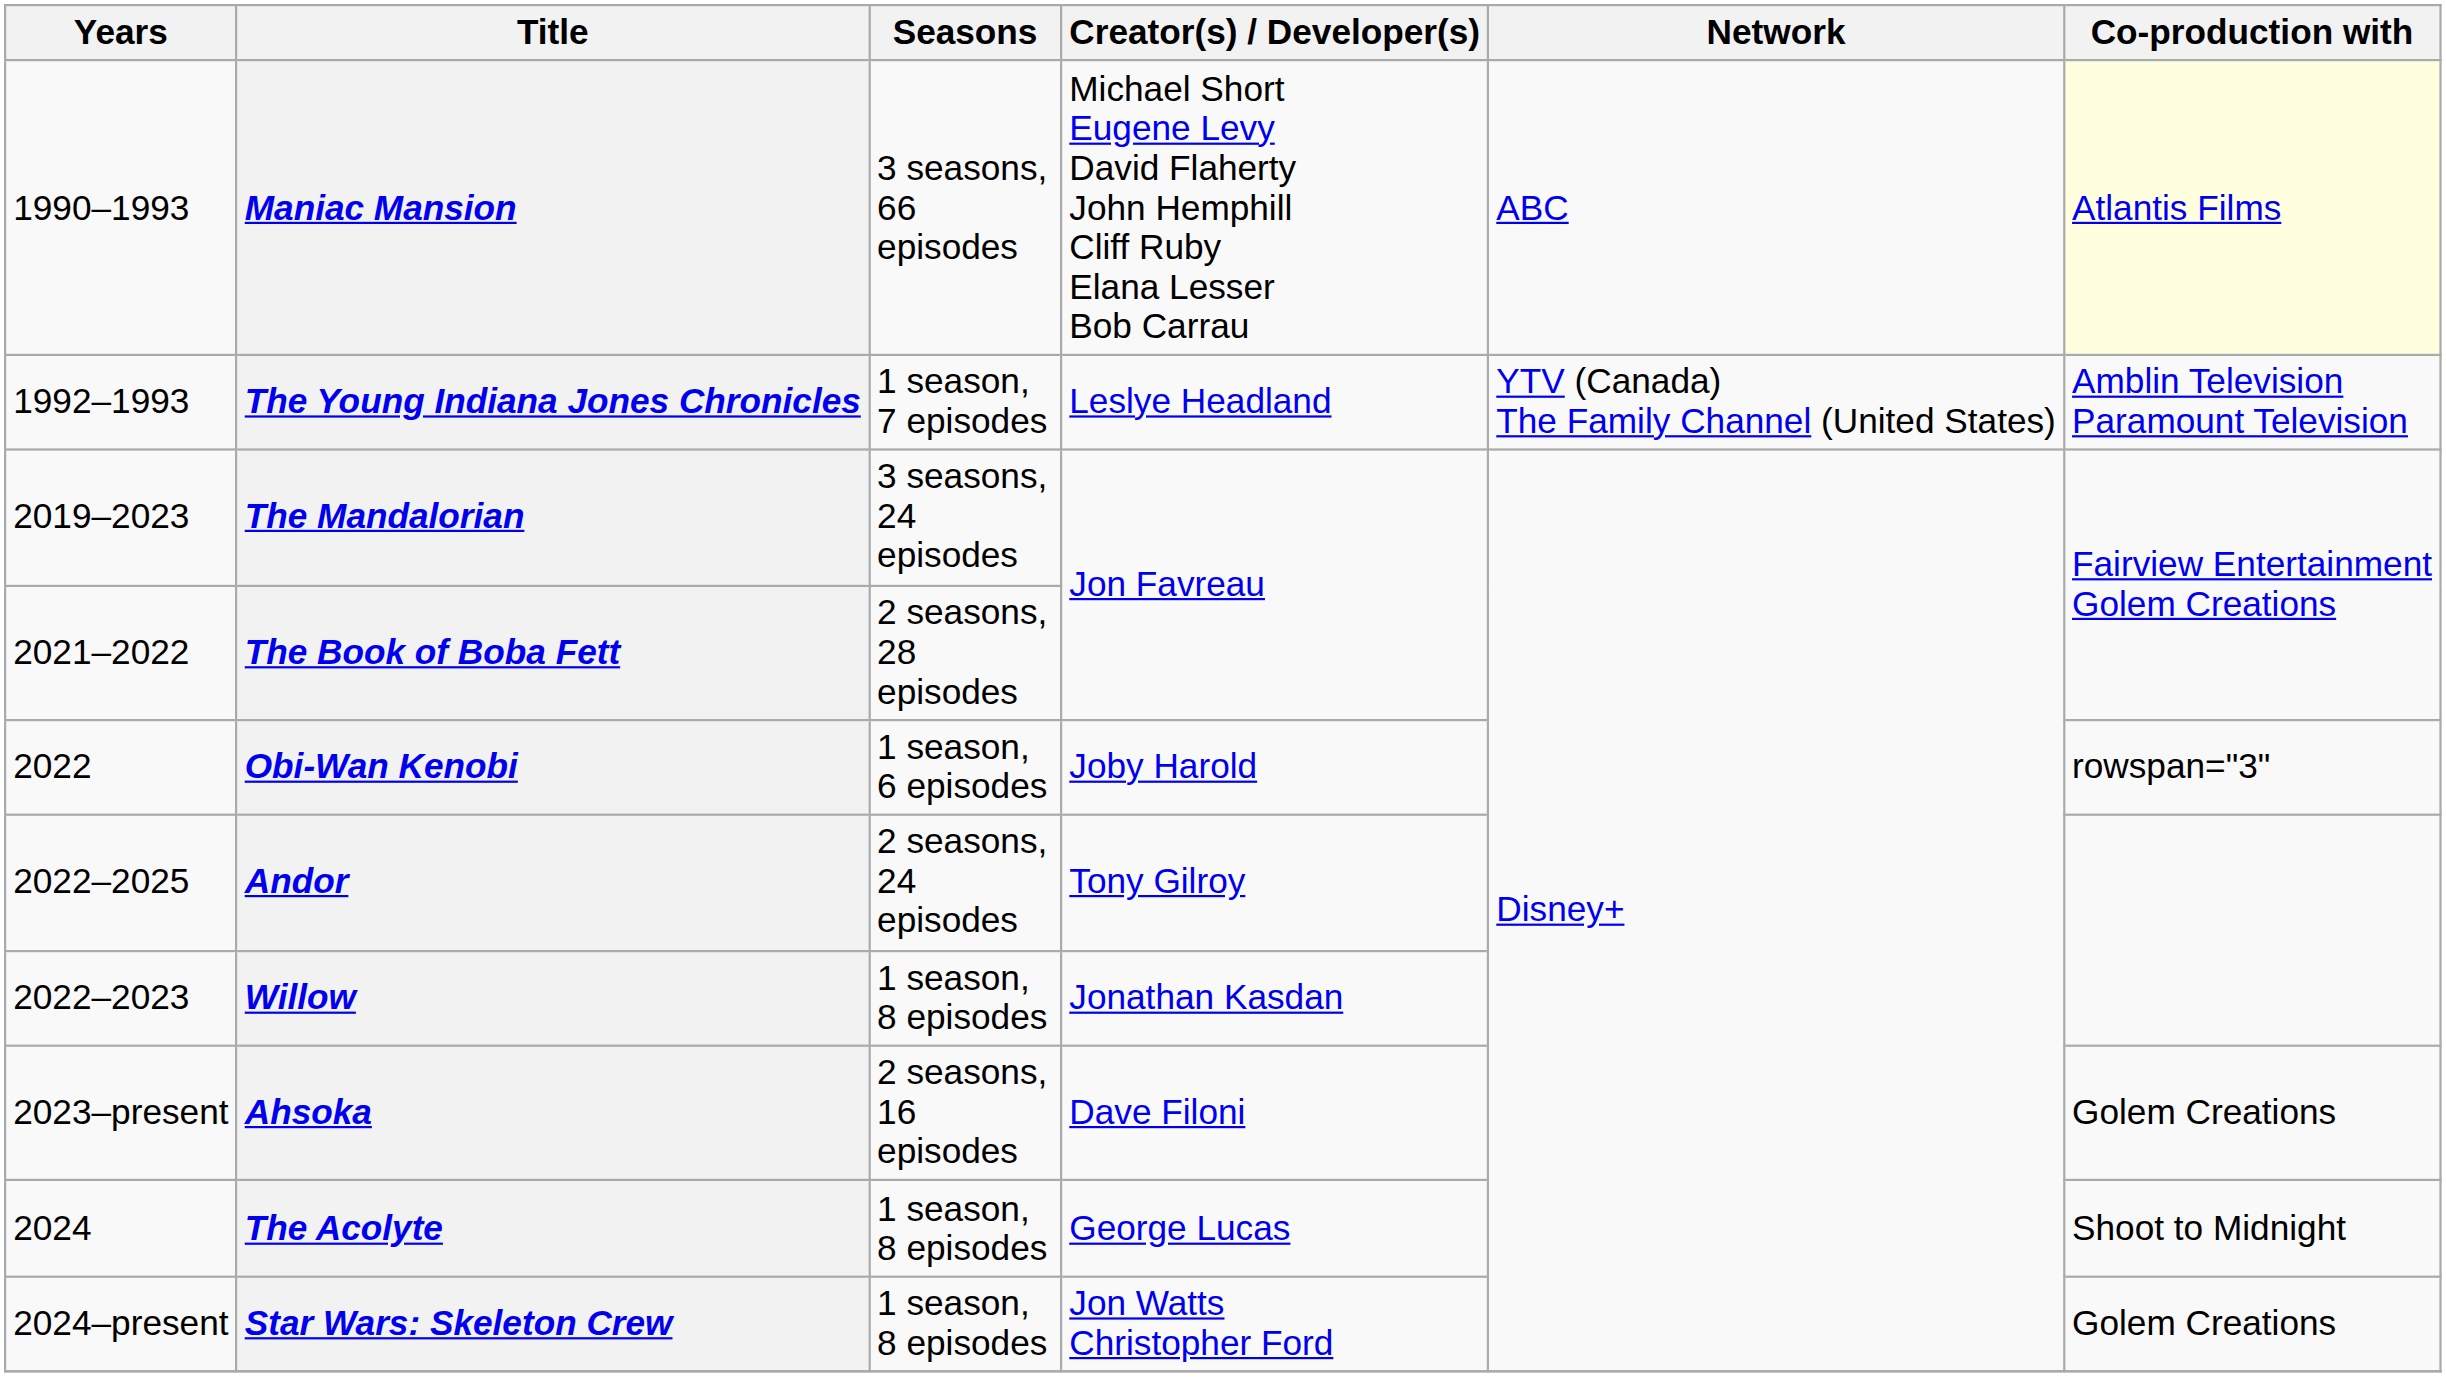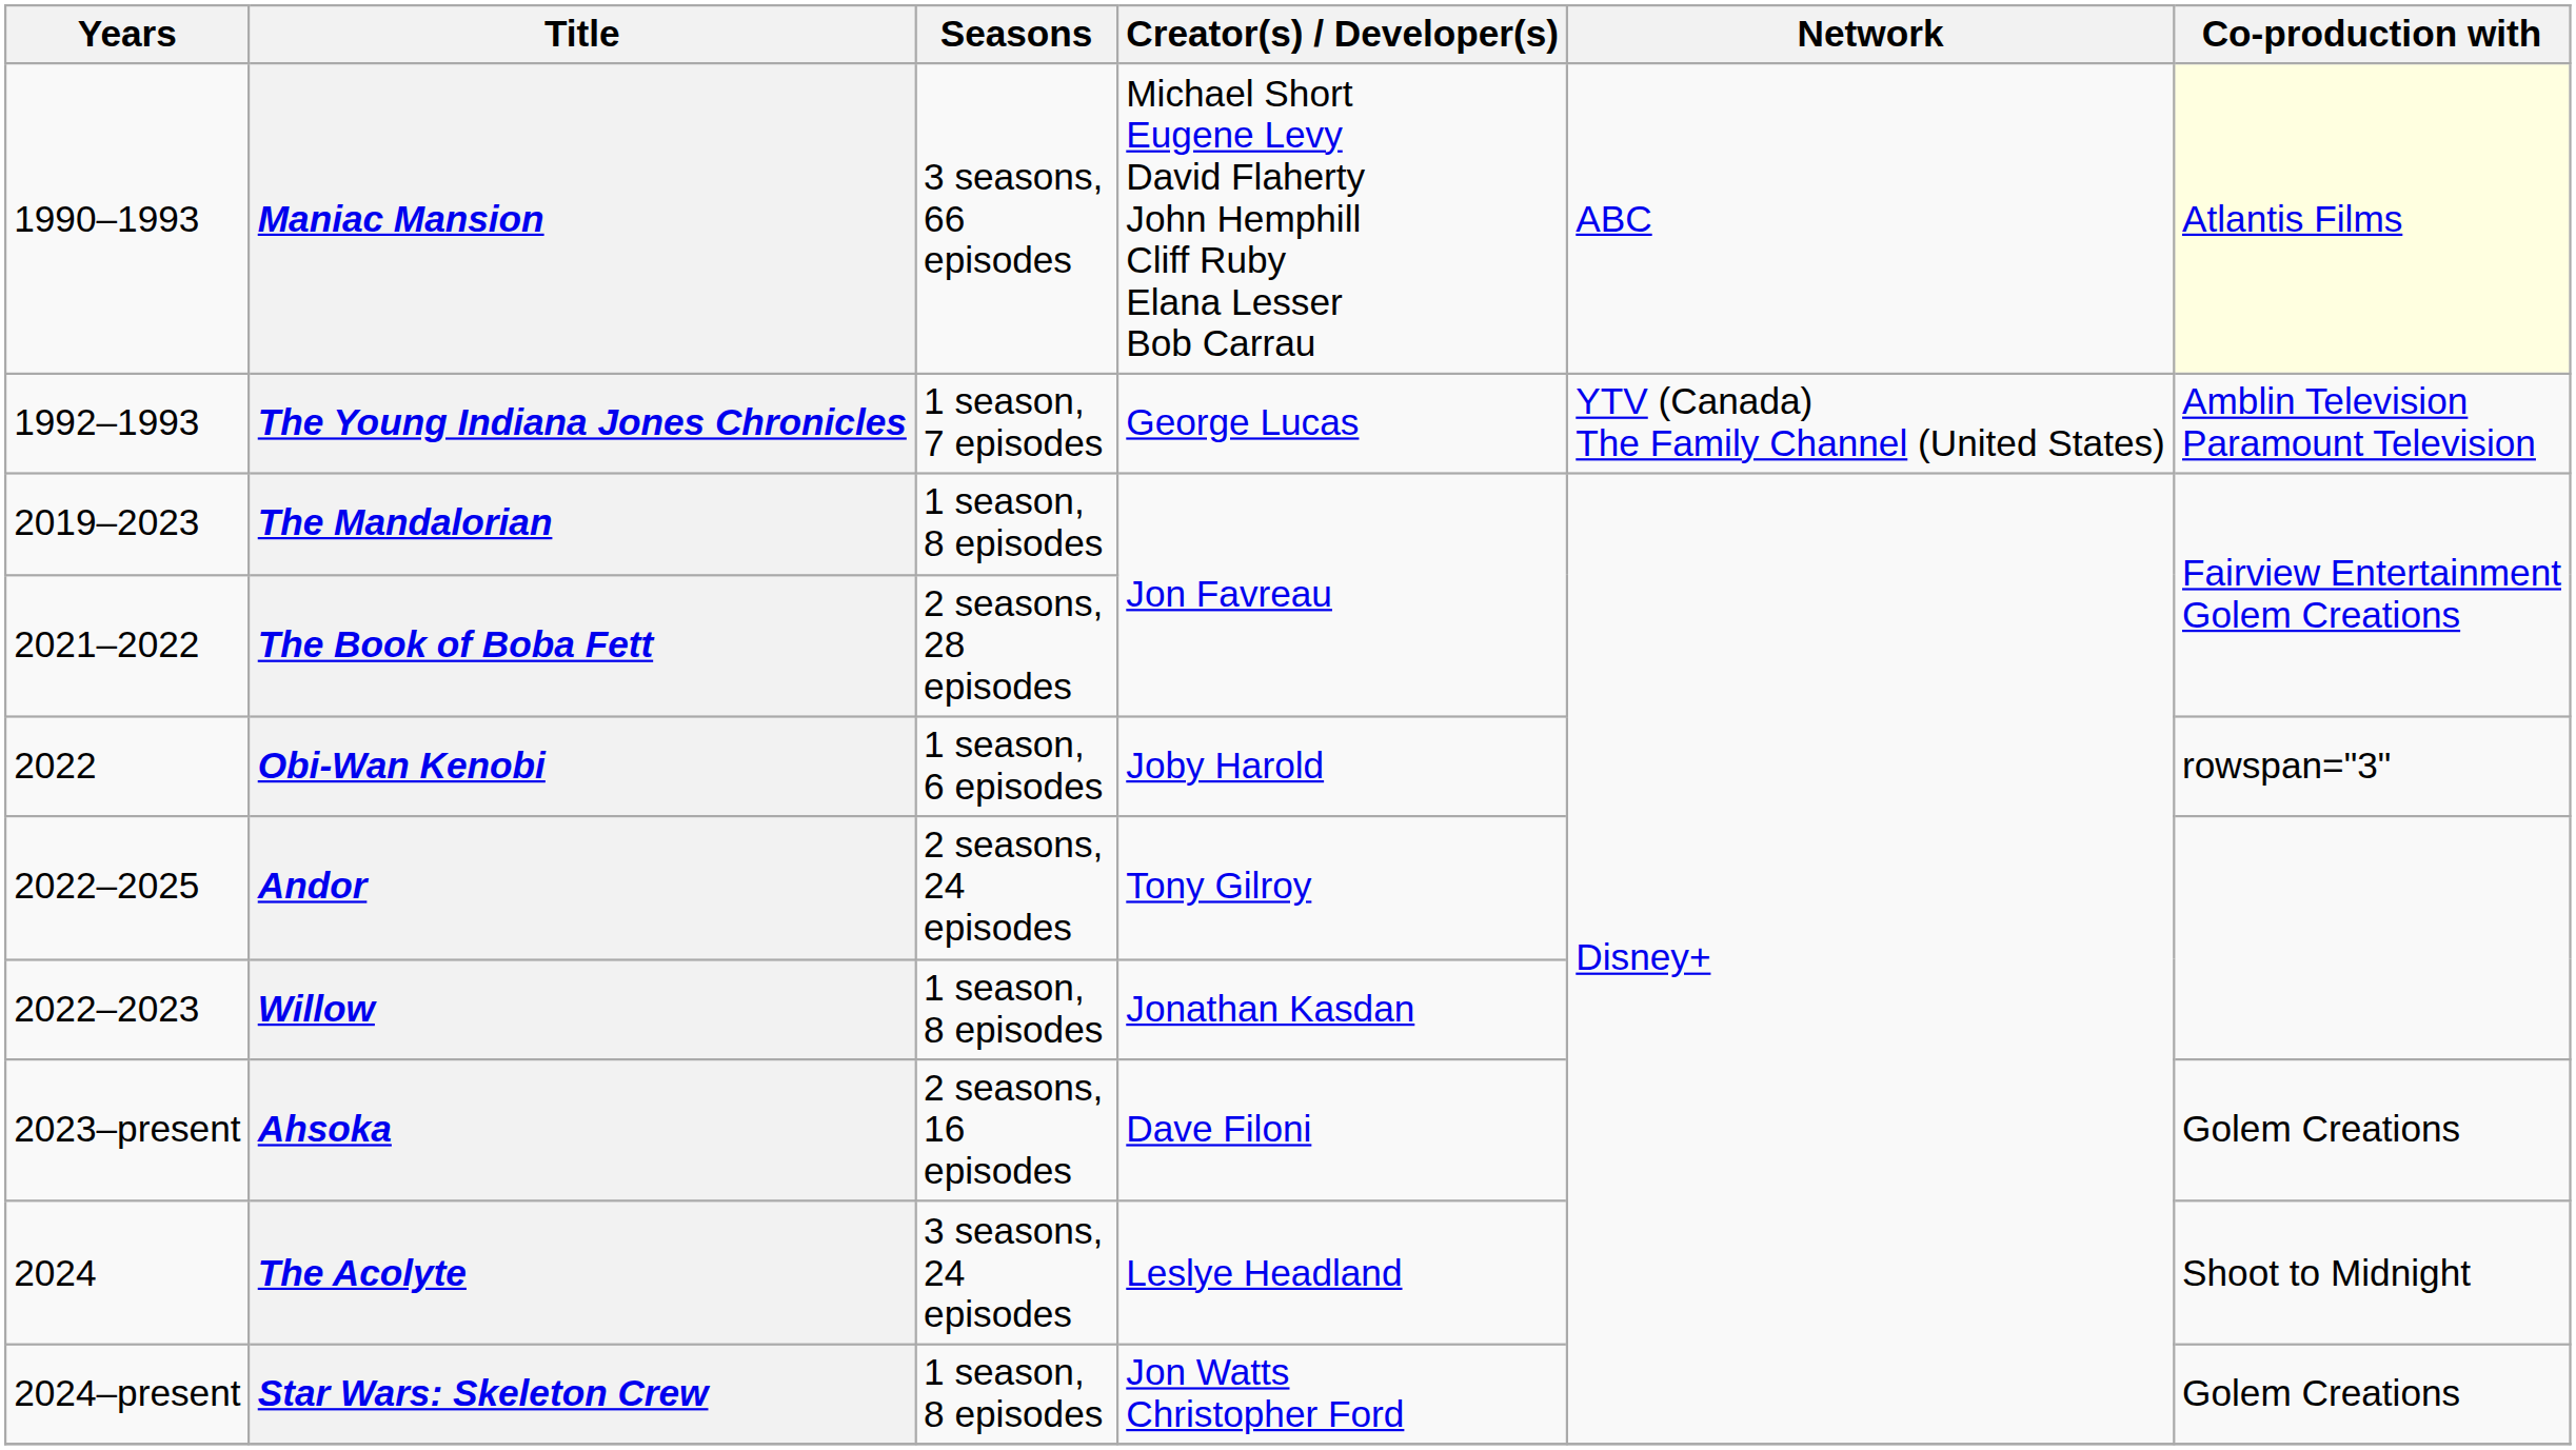 <table class="wikitable sortable">
 <tr>
 <th>Years</th>
 <th>Title</th>
 <th width="80" align="center">Seasons</th>
 <th>Creator(s) / Developer(s)</th>
 <th>Network</th>
 <th>Co-production with</th>
 </tr>
 <tr>
 <td style="text-align:left">1990–1993</td>
 <th scope="row" style="text-align:left"><em><a href='#'>Maniac Mansion</a></em></th>
 <td>3 seasons,<br>66 episodes</td>
 <td>Michael Short<br><a href='#'>Eugene Levy</a><br>David Flaherty<br>John Hemphill<br>Cliff Ruby<br>Elana Lesser<br>Bob Carrau</td>
 <td><a href='#'>ABC</a></td>
 <td style="background: lightyellow;"><a href='#'>Atlantis Films</a></td>
 </tr>
 <tr>
 <td style="text-align:left">1992–1993</td>
 <th scope="row" style="text-align:left"><em><a href='#'>The Young Indiana Jones Chronicles</a></em></th>
 <td>1 season,<br>7 episodes</td>
-<td><a href='#'>Leslye Headland</a></td>
+<td><a href='#'>George Lucas</a></td>
 <td><a href='#'>YTV</a> (Canada)<br><a href='#'>The Family Channel</a> (United States)</td>
 <td><a href='#'>Amblin Television</a><br><a href='#'>Paramount Television</a></td>
 </tr>
 <tr>
 <td style="text-align:left">2019–2023</td>
 <th scope="row" style="text-align:left"><em><a href='#'>The Mandalorian</a></em></th>
-<td>3 seasons,<br>24 episodes</td>
+<td>1 season,<br>8 episodes</td>
 <td rowspan="2"><a href='#'>Jon Favreau</a></td>
 <td rowspan="8"><a href='#'>Disney+</a></td>
 <td rowspan="2"><a href='#'>Fairview Entertainment</a><br><a href='#'>Golem Creations</a></td>
 </tr>
 <tr>
 <td style="text-align:left">2021–2022</td>
 <th scope="row" style="text-align:left"><em><a href='#'>The Book of Boba Fett</a></em></th>
 <td>2 seasons,<br>28 episodes</td>
 </tr>
 <tr>
 <td style="text-align:left">2022</td>
 <th scope="row" style="text-align:left"><em><a href='#'>Obi-Wan Kenobi</a></em></th>
 <td>1 season,<br>6 episodes</td>
 <td><a href='#'>Joby Harold</a></td>
 <td>rowspan="3" </td>
 </tr>
 <tr>
 <td style="text-align:left">2022–2025</td>
 <th scope="row" style="text-align:left"><em><a href='#'>Andor</a></em></th>
 <td>2 seasons,<br>24 episodes</td>
 <td><a href='#'>Tony Gilroy</a></td>
 </tr>
 <tr>
 <td style="text-align:left">2022–2023</td>
 <th scope="row" style="text-align:left"><em><a href='#'>Willow</a></em></th>
 <td>1 season,<br>8 episodes</td>
 <td><a href='#'>Jonathan Kasdan</a></td>
 </tr>
 <tr>
 <td style="text-align:left">2023–present</td>
 <th scope="row" style="text-align:left"><em><a href='#'>Ahsoka</a></em></th>
 <td>2 seasons,<br>16 episodes</td>
 <td><a href='#'>Dave Filoni</a></td>
 <td>Golem Creations</td>
 </tr>
 <tr>
 <td style="text-align:left">2024</td>
 <th scope="row" style="text-align:left"><em><a href='#'>The Acolyte</a></em></th>
-<td>1 season,<br>8 episodes</td>
-<td><a href='#'>George Lucas</a></td>
+<td>3 seasons,<br>24 episodes</td>
+<td><a href='#'>Leslye Headland</a></td>
 <td>Shoot to Midnight</td>
 </tr>
 <tr>
 <td style="text-align:left">2024–present</td>
 <th scope="row" style="text-align:left"><em><a href='#'>Star Wars: Skeleton Crew</a></em></th>
 <td>1 season,<br>8 episodes</td>
 <td><a href='#'>Jon Watts</a><br><a href='#'>Christopher Ford</a></td>
 <td>Golem Creations</td>
 </tr>
 <tr>
 </tr>
 </table>
